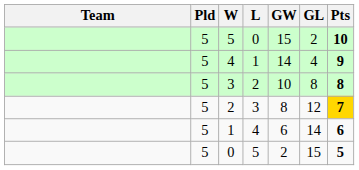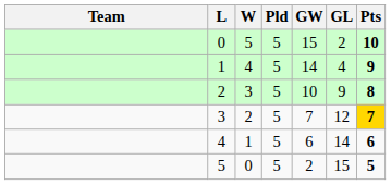 <table class="wikitable" style="text-align:center">
 <tr>
 <th width=200>Team</th>
+<th width=20>L</th>
+<th width=20>W</th>
 <th width=20>Pld</th>
-<th width=20>W</th>
-<th width=20>L</th>
 <th width=20>GW</th>
 <th width=20>GL</th>
 <th width=20>Pts</th>
 </tr>
 <tr bgcolor=ccffcc>
 <td style="text-align:left;"></td>
+<td>0</td>
 <td>5</td>
 <td>5</td>
-<td>0</td>
 <td>15</td>
 <td>2</td>
 <td><strong>10</strong></td>
 </tr>
 <tr bgcolor=ccffcc>
 <td style="text-align:left;"></td>
+<td>1</td>
+<td>4</td>
 <td>5</td>
-<td>4</td>
-<td>1</td>
 <td>14</td>
 <td>4</td>
 <td><strong>9</strong></td>
 </tr>
 <tr bgcolor=ccffcc>
 <td style="text-align:left;"></td>
+<td>2</td>
+<td>3</td>
 <td>5</td>
-<td>3</td>
-<td>2</td>
 <td>10</td>
-<td>8</td>
+<td>9</td>
 <td><strong>8</strong></td>
 </tr>
 <tr>
 <td style="text-align:left;"></td>
+<td>3</td>
+<td>2</td>
 <td>5</td>
-<td>2</td>
-<td>3</td>
-<td>8</td>
+<td>7</td>
 <td>12</td>
 <td style="background: gold;"><strong>7</strong></td>
 </tr>
 <tr>
 <td style="text-align:left;"></td>
+<td>4</td>
+<td>1</td>
 <td>5</td>
-<td>1</td>
-<td>4</td>
 <td>6</td>
 <td>14</td>
 <td><strong>6</strong></td>
 </tr>
 <tr>
 <td style="text-align:left;"></td>
 <td>5</td>
 <td>0</td>
 <td>5</td>
 <td>2</td>
 <td>15</td>
 <td><strong>5</strong></td>
 </tr>
 </table>
